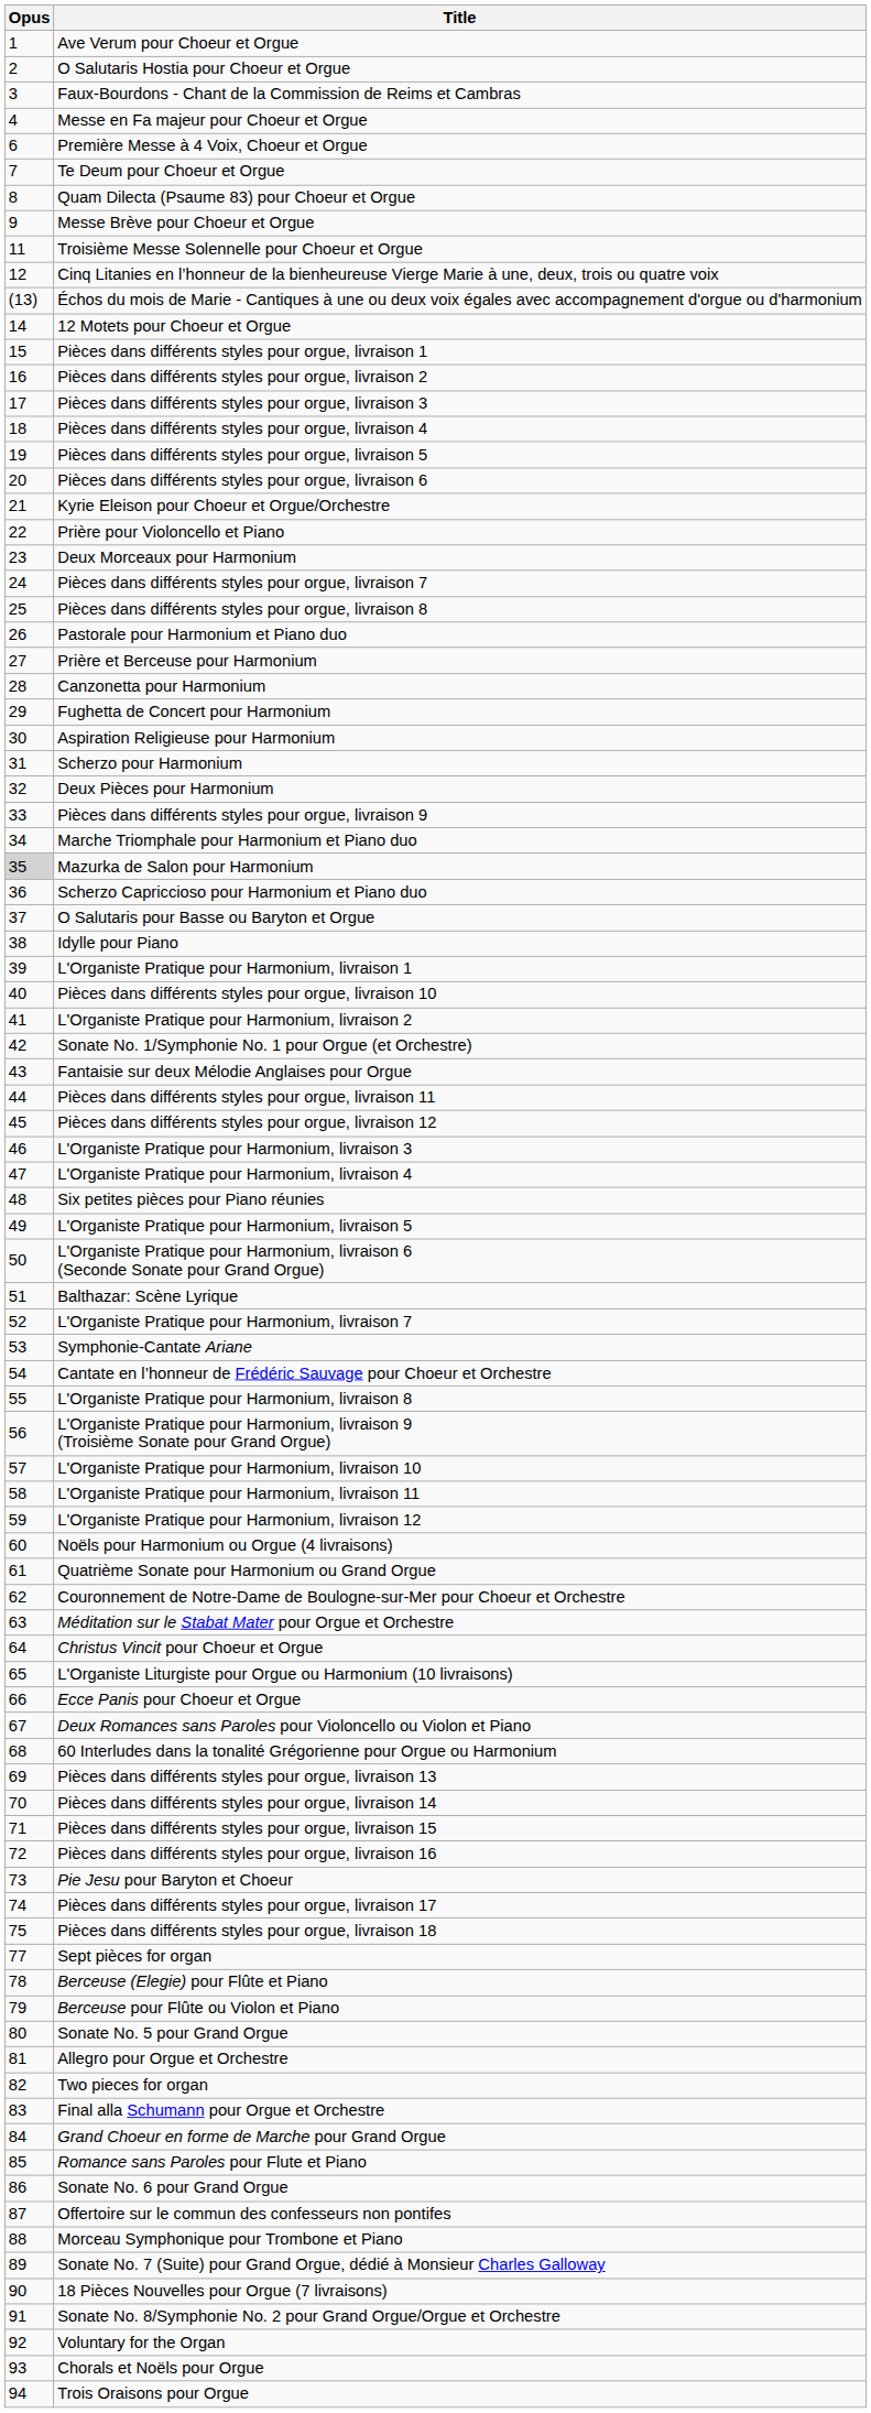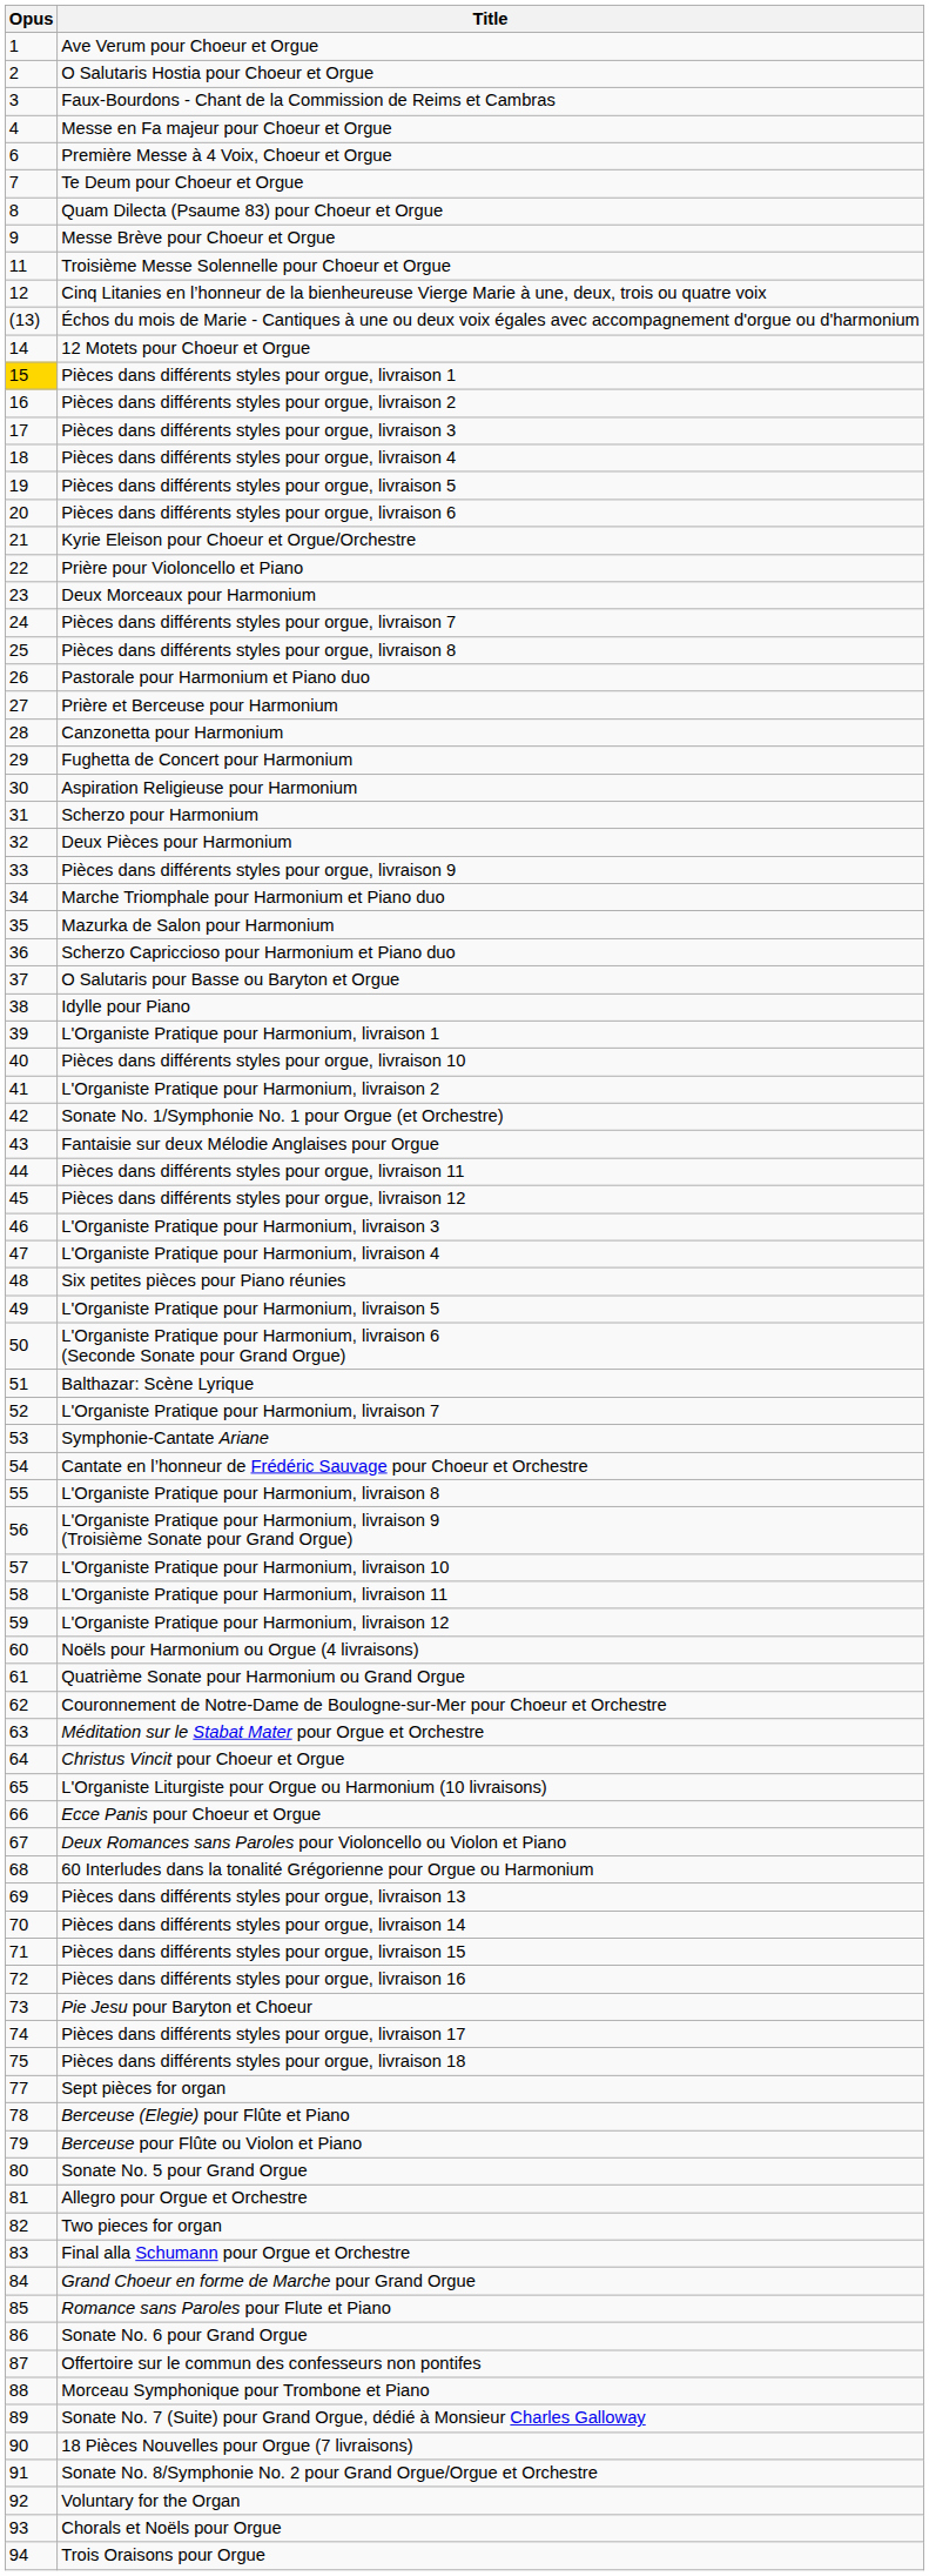 <table class="wikitable">
 <tr>
 <th>Opus</th>
 <th>Title</th>
 </tr>
 <tr>
 <td>1</td>
 <td>Ave Verum pour Choeur et Orgue</td>
 </tr>
 <tr>
 <td>2</td>
 <td>O Salutaris Hostia pour Choeur et Orgue</td>
 </tr>
 <tr>
 <td>3</td>
 <td>Faux-Bourdons - Chant de la Commission de Reims et Cambras</td>
 </tr>
 <tr>
 <td>4</td>
 <td>Messe en Fa majeur pour Choeur et Orgue</td>
 </tr>
 <tr>
 <td>6</td>
 <td>Première Messe à 4 Voix, Choeur et Orgue</td>
 </tr>
 <tr>
 <td>7</td>
 <td>Te Deum pour Choeur et Orgue</td>
 </tr>
 <tr>
 <td>8</td>
 <td>Quam Dilecta (Psaume 83) pour Choeur et Orgue</td>
 </tr>
 <tr>
 <td>9</td>
 <td>Messe Brève pour Choeur et Orgue</td>
 </tr>
 <tr>
 <td>11</td>
 <td>Troisième Messe Solennelle pour Choeur et Orgue</td>
 </tr>
 <tr>
 <td>12</td>
 <td>Cinq Litanies en l’honneur de la bienheureuse Vierge Marie à une, deux, trois ou quatre voix</td>
 </tr>
 <tr>
 <td>(13)</td>
 <td>Échos du mois de Marie - Cantiques à une ou deux voix égales avec accompagnement d'orgue ou d'harmonium</td>
 </tr>
 <tr>
 <td>14</td>
 <td>12 Motets pour Choeur et Orgue</td>
 </tr>
 <tr>
-<td>15</td>
+<td style="background: gold;">15</td>
 <td>Pièces dans différents styles pour orgue, livraison 1</td>
 </tr>
 <tr>
 <td>16</td>
 <td>Pièces dans différents styles pour orgue, livraison 2</td>
 </tr>
 <tr>
 <td>17</td>
 <td>Pièces dans différents styles pour orgue, livraison 3</td>
 </tr>
 <tr>
 <td>18</td>
 <td>Pièces dans différents styles pour orgue, livraison 4</td>
 </tr>
 <tr>
 <td>19</td>
 <td>Pièces dans différents styles pour orgue, livraison 5</td>
 </tr>
 <tr>
 <td>20</td>
 <td>Pièces dans différents styles pour orgue, livraison 6</td>
 </tr>
 <tr>
 <td>21</td>
 <td>Kyrie Eleison pour Choeur et Orgue/Orchestre</td>
 </tr>
 <tr>
 <td>22</td>
 <td>Prière pour Violoncello et Piano</td>
 </tr>
 <tr>
 <td>23</td>
 <td>Deux Morceaux pour Harmonium</td>
 </tr>
 <tr>
 <td>24</td>
 <td>Pièces dans différents styles pour orgue, livraison 7</td>
 </tr>
 <tr>
 <td>25</td>
 <td>Pièces dans différents styles pour orgue, livraison 8</td>
 </tr>
 <tr>
 <td>26</td>
 <td>Pastorale pour Harmonium et Piano duo</td>
 </tr>
 <tr>
 <td>27</td>
 <td>Prière et Berceuse pour Harmonium</td>
 </tr>
 <tr>
 <td>28</td>
 <td>Canzonetta pour Harmonium</td>
 </tr>
 <tr>
 <td>29</td>
 <td>Fughetta de Concert pour Harmonium</td>
 </tr>
 <tr>
 <td>30</td>
 <td>Aspiration Religieuse pour Harmonium</td>
 </tr>
 <tr>
 <td>31</td>
 <td>Scherzo pour Harmonium</td>
 </tr>
 <tr>
 <td>32</td>
 <td>Deux Pièces pour Harmonium</td>
 </tr>
 <tr>
 <td>33</td>
 <td>Pièces dans différents styles pour orgue, livraison 9</td>
 </tr>
 <tr>
 <td>34</td>
 <td>Marche Triomphale pour Harmonium et Piano duo</td>
 </tr>
 <tr>
-<td style="background: lightgrey;">35</td>
+<td>35</td>
 <td>Mazurka de Salon pour Harmonium</td>
 </tr>
 <tr>
 <td>36</td>
 <td>Scherzo Capriccioso pour Harmonium et Piano duo</td>
 </tr>
 <tr>
 <td>37</td>
 <td>O Salutaris pour Basse ou Baryton et Orgue</td>
 </tr>
 <tr>
 <td>38</td>
 <td>Idylle pour Piano</td>
 </tr>
 <tr>
 <td>39</td>
 <td>L'Organiste Pratique pour Harmonium, livraison 1</td>
 </tr>
 <tr>
 <td>40</td>
 <td>Pièces dans différents styles pour orgue, livraison 10</td>
 </tr>
 <tr>
 <td>41</td>
 <td>L'Organiste Pratique pour Harmonium, livraison 2</td>
 </tr>
 <tr>
 <td>42</td>
 <td>Sonate No. 1/Symphonie No. 1 pour Orgue (et Orchestre)</td>
 </tr>
 <tr>
 <td>43</td>
 <td>Fantaisie sur deux Mélodie Anglaises pour Orgue</td>
 </tr>
 <tr>
 <td>44</td>
 <td>Pièces dans différents styles pour orgue, livraison 11</td>
 </tr>
 <tr>
 <td>45</td>
 <td>Pièces dans différents styles pour orgue, livraison 12</td>
 </tr>
 <tr>
 <td>46</td>
 <td>L'Organiste Pratique pour Harmonium, livraison 3</td>
 </tr>
 <tr>
 <td>47</td>
 <td>L'Organiste Pratique pour Harmonium, livraison 4</td>
 </tr>
 <tr>
 <td>48</td>
 <td>Six petites pièces pour Piano réunies</td>
 </tr>
 <tr>
 <td>49</td>
 <td>L'Organiste Pratique pour Harmonium, livraison 5</td>
 </tr>
 <tr>
 <td>50</td>
 <td>L'Organiste Pratique pour Harmonium, livraison 6<br>(Seconde Sonate pour Grand Orgue)</td>
 </tr>
 <tr>
 <td>51</td>
 <td>Balthazar: Scène Lyrique</td>
 </tr>
 <tr>
 <td>52</td>
 <td>L'Organiste Pratique pour Harmonium, livraison 7</td>
 </tr>
 <tr>
 <td>53</td>
 <td>Symphonie-Cantate <em>Ariane</em></td>
 </tr>
 <tr>
 <td>54</td>
 <td>Cantate en l’honneur de <a href='#'>Frédéric Sauvage</a> pour Choeur et Orchestre</td>
 </tr>
 <tr>
 <td>55</td>
 <td>L'Organiste Pratique pour Harmonium, livraison 8</td>
 </tr>
 <tr>
 <td>56</td>
 <td>L'Organiste Pratique pour Harmonium, livraison 9<br>(Troisième Sonate pour Grand Orgue)</td>
 </tr>
 <tr>
 <td>57</td>
 <td>L'Organiste Pratique pour Harmonium, livraison 10</td>
 </tr>
 <tr>
 <td>58</td>
 <td>L'Organiste Pratique pour Harmonium, livraison 11</td>
 </tr>
 <tr>
 <td>59</td>
 <td>L'Organiste Pratique pour Harmonium, livraison 12</td>
 </tr>
 <tr>
 <td>60</td>
 <td>Noëls pour Harmonium ou Orgue (4 livraisons)</td>
 </tr>
 <tr>
 <td>61</td>
 <td>Quatrième Sonate pour Harmonium ou Grand Orgue</td>
 </tr>
 <tr>
 <td>62</td>
 <td>Couronnement de Notre-Dame de Boulogne-sur-Mer pour Choeur et Orchestre</td>
 </tr>
 <tr>
 <td>63</td>
 <td><em>Méditation sur le <a href='#'>Stabat Mater</a></em> pour Orgue et Orchestre</td>
 </tr>
 <tr>
 <td>64</td>
 <td><em>Christus Vincit</em> pour Choeur et Orgue</td>
 </tr>
 <tr>
 <td>65</td>
 <td>L'Organiste Liturgiste pour Orgue ou Harmonium (10 livraisons)</td>
 </tr>
 <tr>
 <td>66</td>
 <td><em>Ecce Panis</em> pour Choeur et Orgue</td>
 </tr>
 <tr>
 <td>67</td>
 <td><em>Deux Romances sans Paroles</em> pour Violoncello ou Violon et Piano</td>
 </tr>
 <tr>
 <td>68</td>
 <td>60 Interludes dans la tonalité Grégorienne pour Orgue ou Harmonium</td>
 </tr>
 <tr>
 <td>69</td>
 <td>Pièces dans différents styles pour orgue, livraison 13</td>
 </tr>
 <tr>
 <td>70</td>
 <td>Pièces dans différents styles pour orgue, livraison 14</td>
 </tr>
 <tr>
 <td>71</td>
 <td>Pièces dans différents styles pour orgue, livraison 15</td>
 </tr>
 <tr>
 <td>72</td>
 <td>Pièces dans différents styles pour orgue, livraison 16</td>
 </tr>
 <tr>
 <td>73</td>
 <td><em>Pie Jesu</em> pour Baryton et Choeur</td>
 </tr>
 <tr>
 <td>74</td>
 <td>Pièces dans différents styles pour orgue, livraison 17</td>
 </tr>
 <tr>
 <td>75</td>
 <td>Pièces dans différents styles pour orgue, livraison 18</td>
 </tr>
 <tr>
 <td>77</td>
 <td>Sept pièces for organ</td>
 </tr>
 <tr>
 <td>78</td>
 <td><em>Berceuse (Elegie)</em> pour Flûte et Piano</td>
 </tr>
 <tr>
 <td>79</td>
 <td><em>Berceuse</em> pour Flûte ou Violon et Piano</td>
 </tr>
 <tr>
 <td>80</td>
 <td>Sonate No. 5 pour Grand Orgue</td>
 </tr>
 <tr>
 <td>81</td>
 <td>Allegro pour Orgue et Orchestre</td>
 </tr>
 <tr>
 <td>82</td>
 <td>Two pieces for organ</td>
 </tr>
 <tr>
 <td>83</td>
 <td>Final alla <a href='#'>Schumann</a> pour Orgue et Orchestre</td>
 </tr>
 <tr>
 <td>84</td>
 <td><em>Grand Choeur en forme de Marche</em> pour Grand Orgue</td>
 </tr>
 <tr>
 <td>85</td>
 <td><em>Romance sans Paroles</em> pour Flute et Piano</td>
 </tr>
 <tr>
 <td>86</td>
 <td>Sonate No. 6 pour Grand Orgue</td>
 </tr>
 <tr>
 <td>87</td>
 <td>Offertoire sur le commun des confesseurs non pontifes</td>
 </tr>
 <tr>
 <td>88</td>
 <td>Morceau Symphonique pour Trombone et Piano</td>
 </tr>
 <tr>
 <td>89</td>
 <td>Sonate No. 7 (Suite) pour Grand Orgue, dédié à Monsieur <a href='#'>Charles Galloway</a></td>
 </tr>
 <tr>
 <td>90</td>
 <td>18 Pièces Nouvelles pour Orgue (7 livraisons)</td>
 </tr>
 <tr>
 <td>91</td>
 <td>Sonate No. 8/Symphonie No. 2 pour Grand Orgue/Orgue et Orchestre</td>
 </tr>
 <tr>
 <td>92</td>
 <td>Voluntary for the Organ</td>
 </tr>
 <tr>
 <td>93</td>
 <td>Chorals et Noëls pour Orgue</td>
 </tr>
 <tr>
 <td>94</td>
 <td>Trois Oraisons pour Orgue</td>
 </tr>
 </table>
